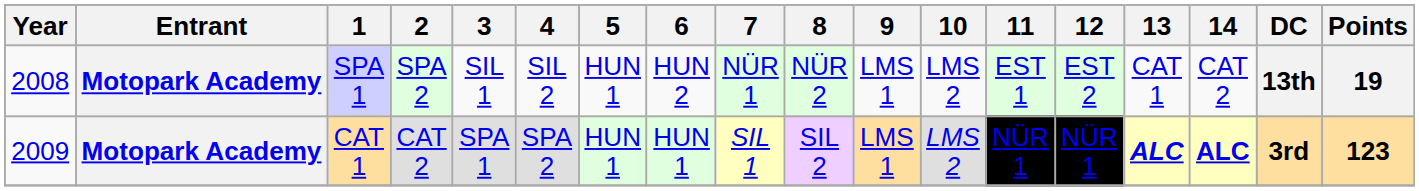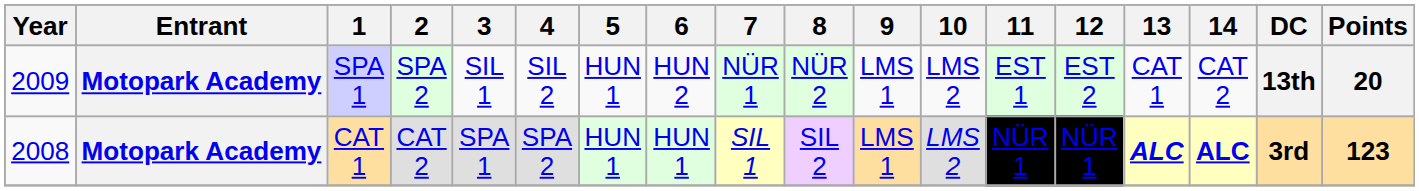 <table class="wikitable" style="text-align:center; font-size:85%">
 <tr>
 <th>Year</th>
 <th>Entrant</th>
 <th>1</th>
 <th>2</th>
 <th>3</th>
 <th>4</th>
 <th>5</th>
 <th>6</th>
 <th>7</th>
 <th>8</th>
 <th>9</th>
 <th>10</th>
 <th>11</th>
 <th>12</th>
 <th>13</th>
 <th>14</th>
 <th>DC</th>
 <th>Points</th>
 </tr>
 <tr>
-<td><a href='#'>2008</a></td>
+<td><a href='#'>2009</a></td>
 <th nowrap><a href='#'>Motopark Academy</a></th>
 <td style="background:#CFCFFF;"><a href='#'>SPA<br>1</a><br></td>
 <td style="background:#DFFFDF;"><a href='#'>SPA<br>2</a><br></td>
 <td><a href='#'>SIL<br>1</a></td>
 <td><a href='#'>SIL<br>2</a></td>
 <td><a href='#'>HUN<br>1</a></td>
 <td><a href='#'>HUN<br>2</a></td>
 <td style="background:#DFFFDF;"><a href='#'>NÜR<br>1</a><br></td>
 <td style="background:#DFFFDF;"><a href='#'>NÜR<br>2</a><br></td>
 <td><a href='#'>LMS<br>1</a></td>
 <td><a href='#'>LMS<br>2</a></td>
 <td style="background:#DFFFDF;"><a href='#'>EST<br>1</a><br></td>
 <td style="background:#DFFFDF;"><a href='#'>EST<br>2</a><br></td>
 <td><a href='#'>CAT<br>1</a></td>
 <td><a href='#'>CAT<br>2</a></td>
 <th>13th</th>
-<th>19</th>
+<th>20</th>
 </tr>
 <tr>
-<td><a href='#'>2009</a></td>
+<td><a href='#'>2008</a></td>
 <th nowrap><a href='#'>Motopark Academy</a></th>
 <td style="background:#FFDF9F;"><a href='#'>CAT<br>1</a><br></td>
 <td style="background:#DFDFDF;"><a href='#'>CAT<br>2</a><br></td>
 <td style="background:#DFDFDF;"><a href='#'>SPA<br>1</a><br></td>
 <td style="background:#DFDFDF;"><a href='#'>SPA<br>2</a><br></td>
 <td style="background:#DFFFDF;"><a href='#'>HUN<br>1</a><br></td>
 <td style="background:#DFFFDF;"><a href='#'>HUN<br>1</a><br></td>
 <td style="background:#FFFFBF;"><em><a href='#'>SIL<br>1</a></em><br></td>
 <td style="background:#EFCFFF;"><a href='#'>SIL<br>2</a><br></td>
 <td style="background:#FFDF9F;"><a href='#'>LMS<br>1</a><br></td>
 <td style="background:#DFDFDF;"><em><a href='#'>LMS<br>2</a></em><br></td>
 <td style="background:black; color:white;"><a href='#'><span>NÜR<br>1</span></a><br></td>
 <td style="background:black; color:white;"><a href='#'><span>NÜR<br>1</span></a><br></td>
 <td style="background:#FFFFBF;"><strong><em><a href='#'>ALC</a></em></strong><br></td>
 <td style="background:#FFFFBF;"><strong><a href='#'>ALC</a></strong><br></td>
 <th style="background:#FFDF9F;">3rd</th>
 <th style="background:#FFDF9F;">123</th>
 </tr>
 <tr>
 </tr>
 </table>
